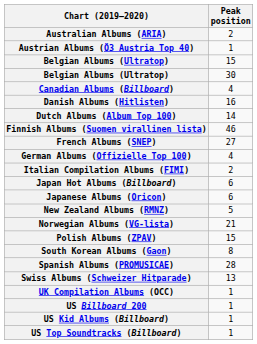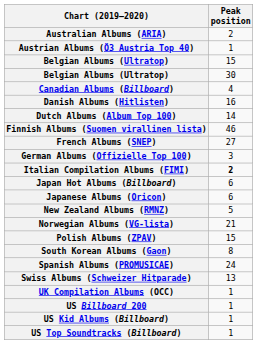 <table class="wikitable sortable plainrowheaders" style="text-align:center">
 <tr>
 <th scope="col">Chart (2019–2020)</th>
 <th scope="col">Peak<br>position</th>
 </tr>
 <tr>
 <th scope="row">Australian Albums (<a href='#'>ARIA</a>)</th>
 <td>2</td>
 </tr>
 <tr>
 <th scope="row">Austrian Albums (<a href='#'>Ö3 Austria Top 40</a>)</th>
 <td>1</td>
 </tr>
 <tr>
 <th scope="row">Belgian Albums (<a href='#'>Ultratop</a>)</th>
 <td>15</td>
 </tr>
 <tr>
 <th scope="row">Belgian Albums (Ultratop)</th>
 <td>30</td>
 </tr>
 <tr>
 <th scope="row"><a href='#'>Canadian Albums</a> (<a href='#'><em>Billboard</em></a>)</th>
 <td>4</td>
 </tr>
 <tr>
 <th scope="row">Danish Albums (<a href='#'>Hitlisten</a>)</th>
 <td>16</td>
 </tr>
 <tr>
 <th scope="row">Dutch Albums (<a href='#'>Album Top 100</a>)</th>
 <td>14</td>
 </tr>
 <tr>
 <th scope="row">Finnish Albums (<a href='#'>Suomen virallinen lista</a>)</th>
 <td>46</td>
 </tr>
 <tr>
 <th scope="row">French Albums (<a href='#'>SNEP</a>)</th>
 <td>27</td>
 </tr>
 <tr>
 <th scope="row">German Albums (<a href='#'>Offizielle Top 100</a>)</th>
-<td>4</td>
+<td>3</td>
 </tr>
 <tr>
 <th scope="row">Italian Compilation Albums (<a href='#'>FIMI</a>)</th>
-<td>2</td>
+<td><strong>2</strong></td>
 </tr>
 <tr>
 <th scope="row">Japan Hot Albums (<em>Billboard</em>)</th>
 <td>6</td>
 </tr>
 <tr>
 <th scope="row">Japanese Albums (<a href='#'>Oricon</a>)</th>
 <td>6</td>
 </tr>
 <tr>
 <th scope="row">New Zealand Albums (<a href='#'>RMNZ</a>)</th>
 <td>5</td>
 </tr>
 <tr>
 <th scope="row">Norwegian Albums (<a href='#'>VG-lista</a>)</th>
 <td>21</td>
 </tr>
 <tr>
 <th scope="row">Polish Albums (<a href='#'>ZPAV</a>)</th>
 <td>15</td>
 </tr>
 <tr>
 <th scope="row">South Korean Albums (<a href='#'>Gaon</a>)</th>
 <td>8</td>
 </tr>
 <tr>
 <th scope="row">Spanish Albums (<a href='#'>PROMUSICAE</a>)</th>
-<td>28</td>
+<td>24</td>
 </tr>
 <tr>
 <th scope="row">Swiss Albums (<a href='#'>Schweizer Hitparade</a>)</th>
 <td>13</td>
 </tr>
 <tr>
 <th scope="row"><a href='#'>UK Compilation Albums</a> (OCC)</th>
 <td>1</td>
 </tr>
 <tr>
 <th scope="row">US <a href='#'><em>Billboard</em> 200</a></th>
 <td>1</td>
 </tr>
 <tr>
 <th scope="row">US <a href='#'>Kid Albums</a> (<em>Billboard</em>)</th>
 <td>1</td>
 </tr>
 <tr>
 <th scope="row">US <a href='#'>Top Soundtracks</a> (<em>Billboard</em>)</th>
 <td>1</td>
 </tr>
 </table>
